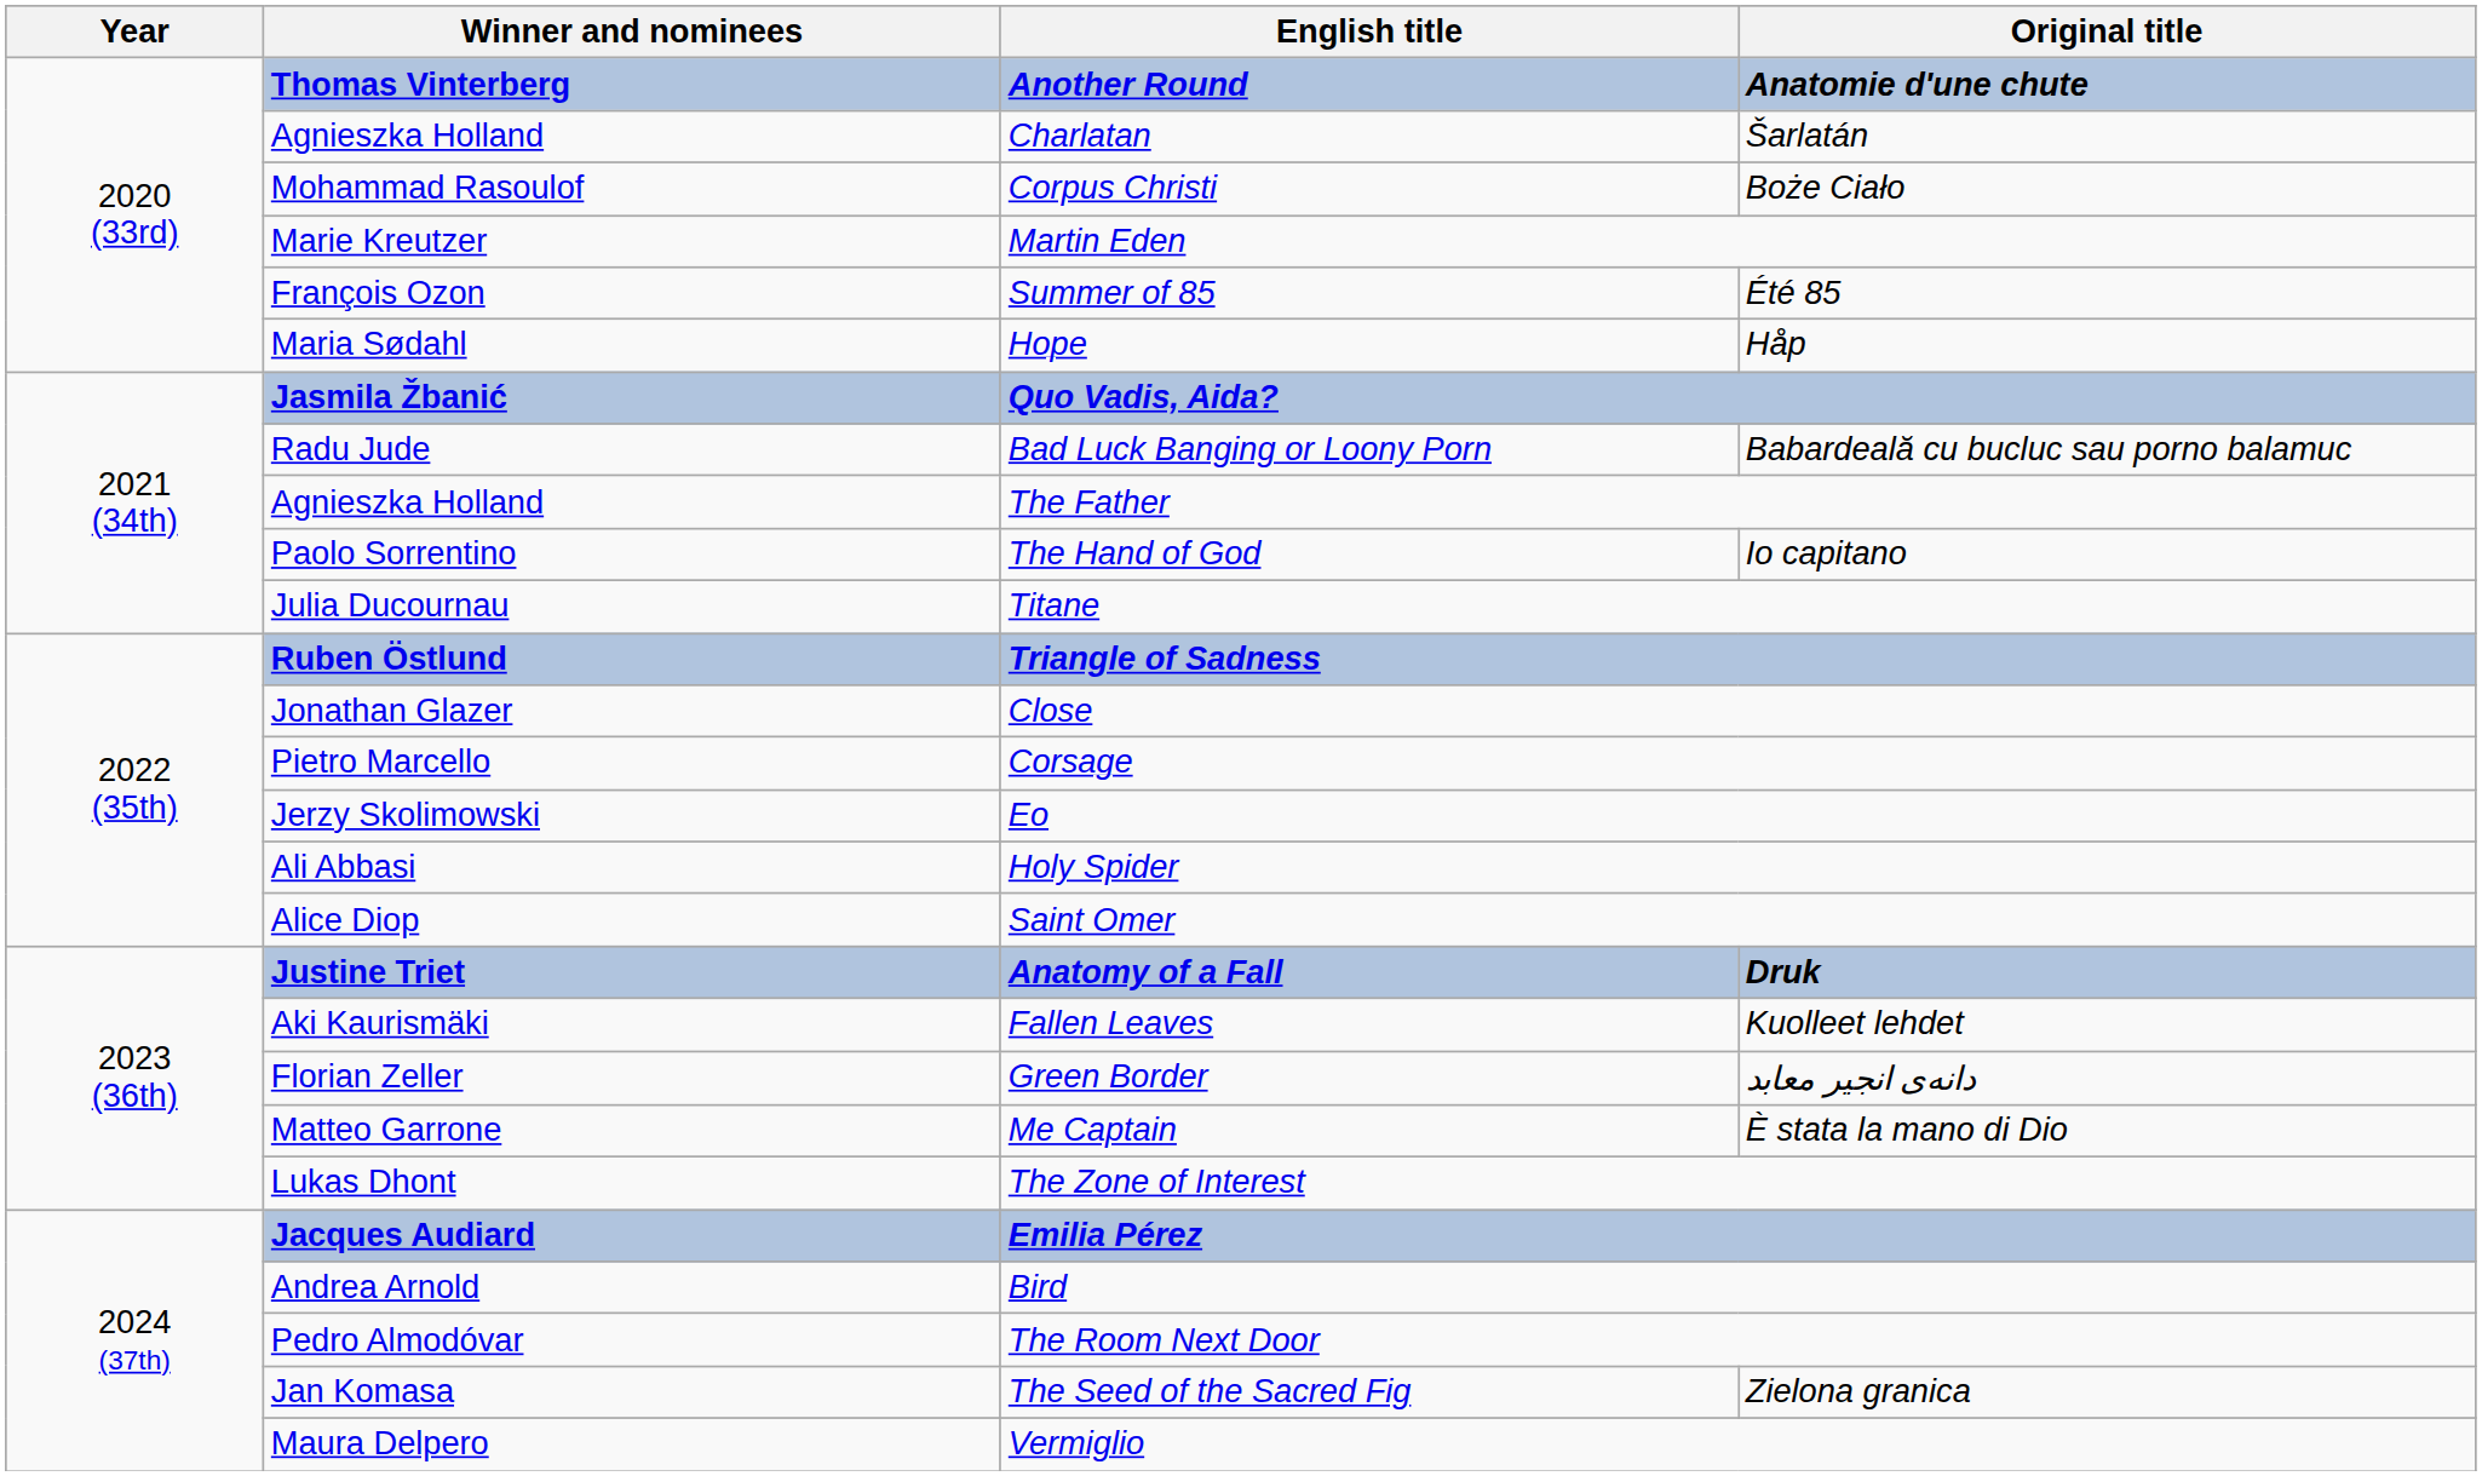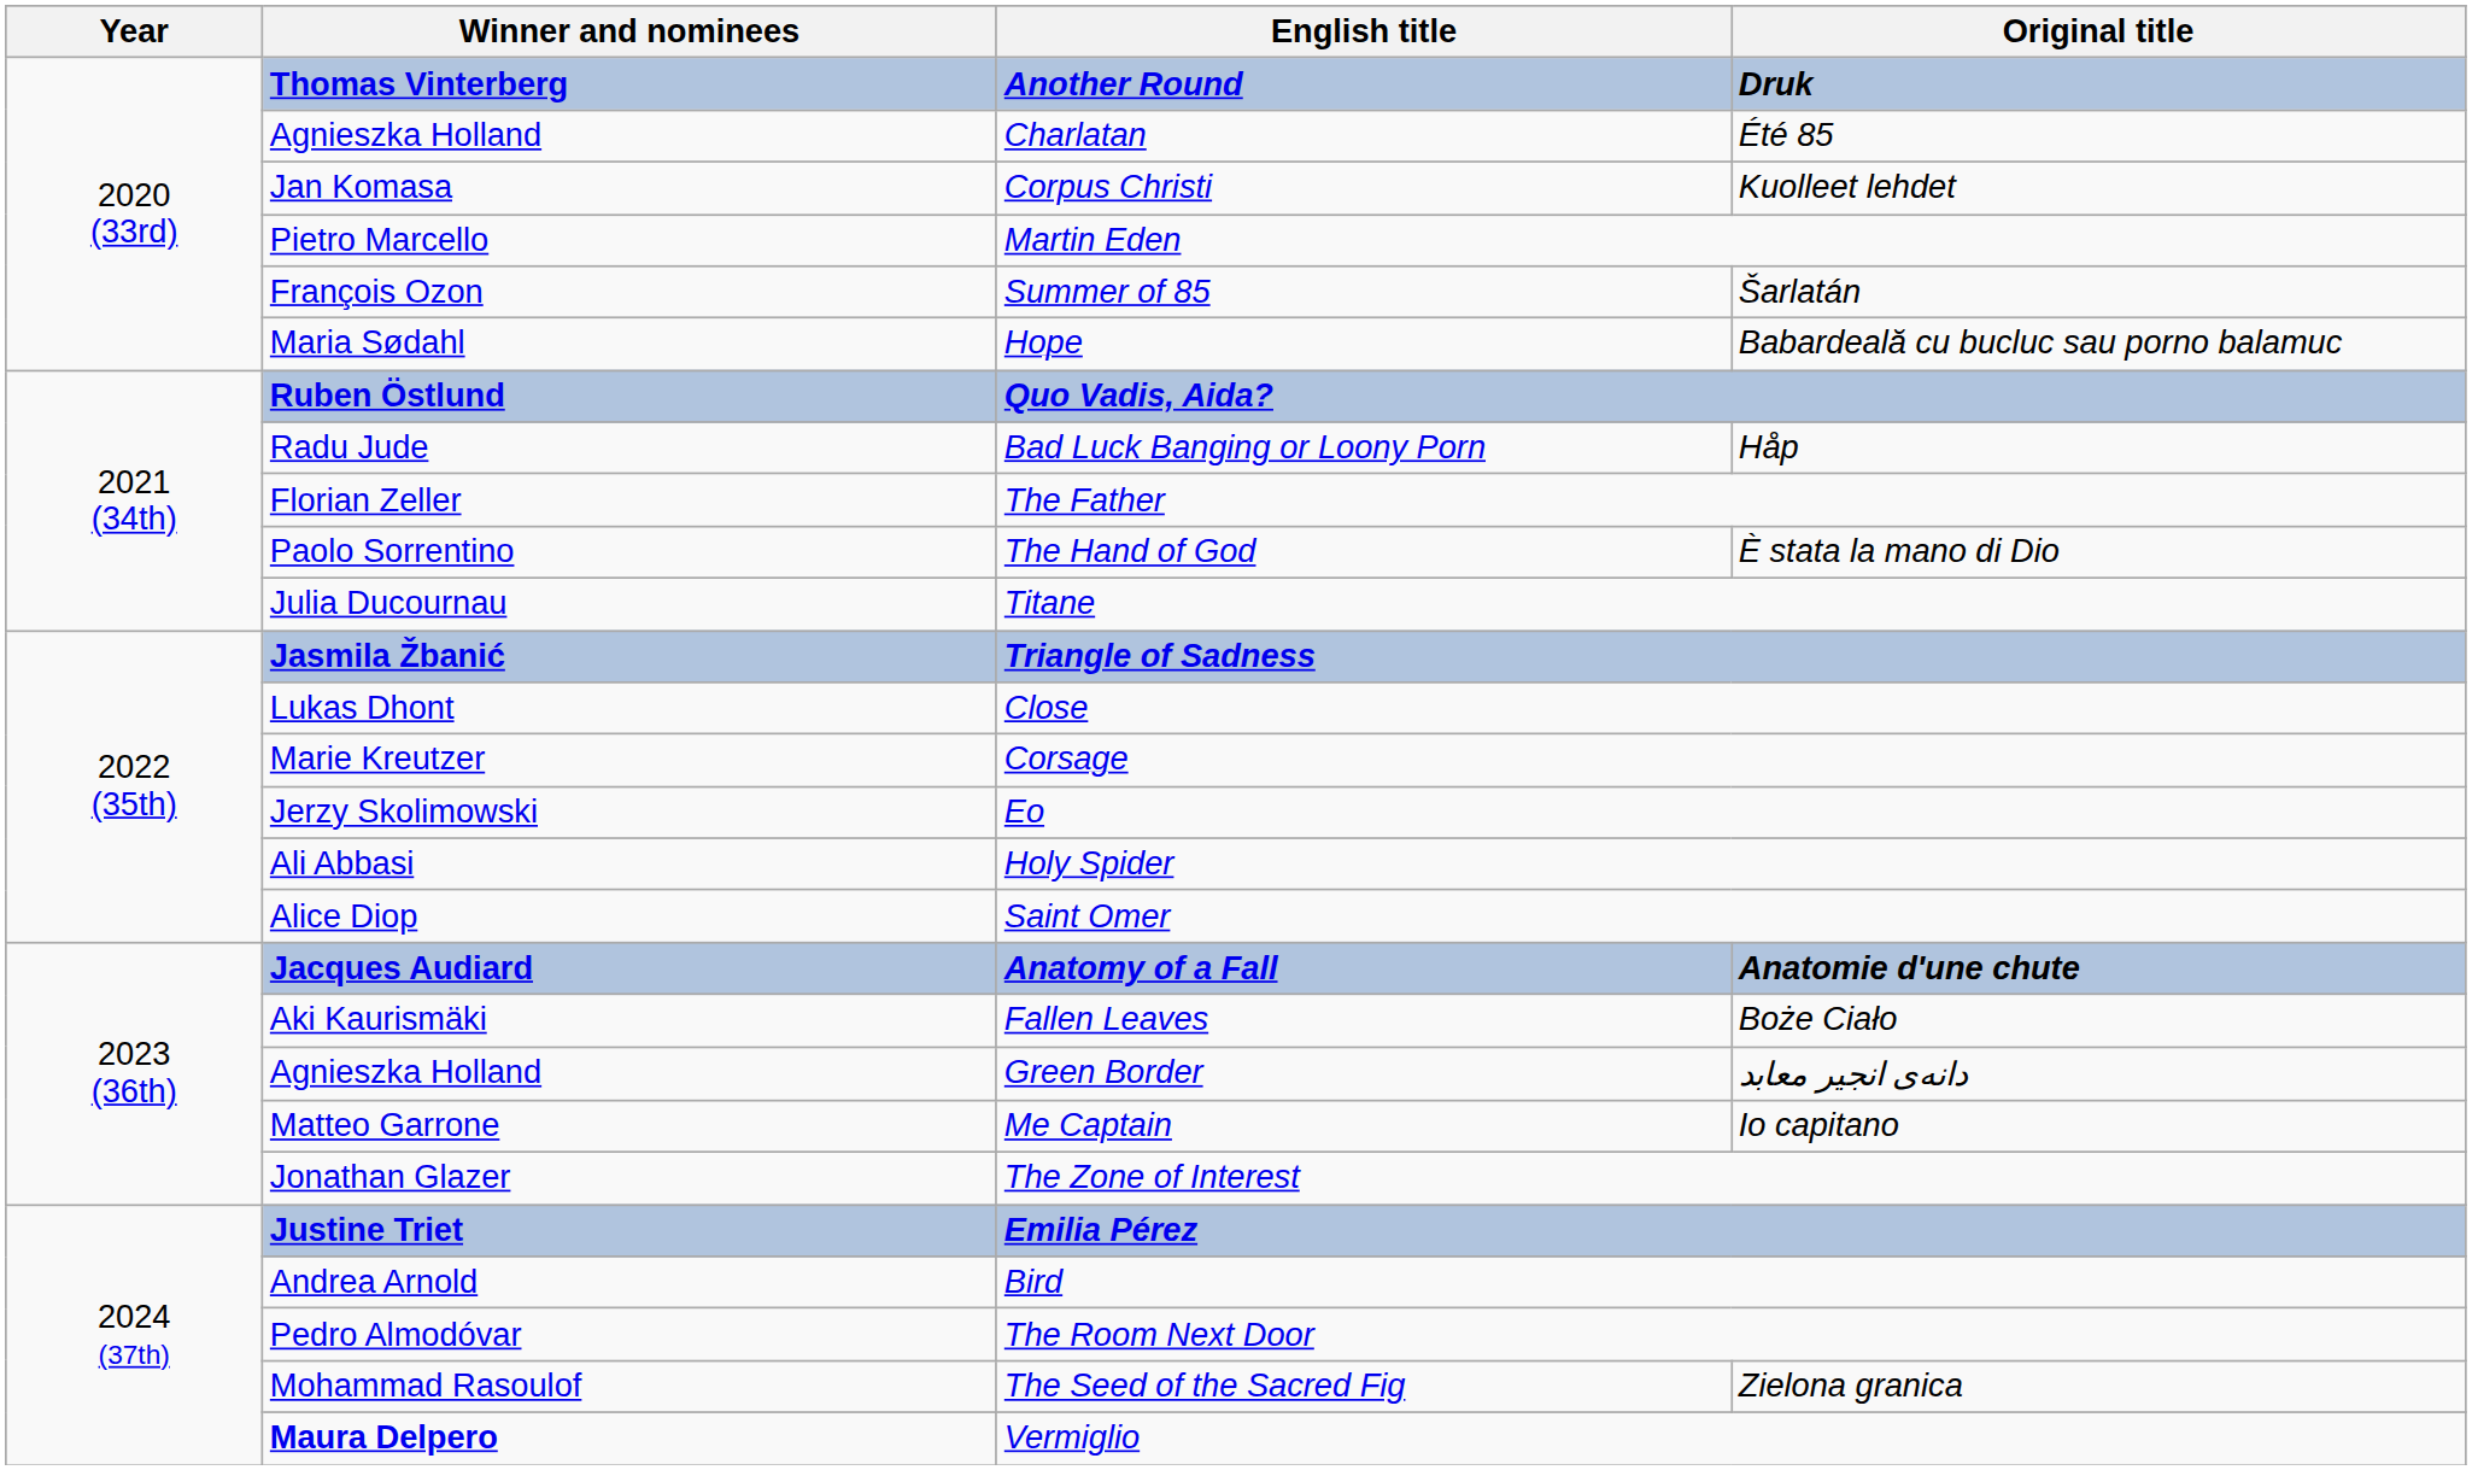 <table class="wikitable" width="95%" cellpadding="5">
 <tr>
 <th width="100"><strong>Year</strong></th>
 <th width="300"><strong>Winner and nominees</strong></th>
 <th width="300"><strong>English title</strong></th>
 <th width="300"><strong>Original title</strong></th>
 </tr>
 <tr>
 <td rowspan="6" style="text-align:center;">2020<br><a href='#'>(33rd)</a><br></td>
 <td style="background:#B0C4DE;"><strong> <a href='#'>Thomas Vinterberg</a></strong></td>
 <td style="background:#B0C4DE;"><strong><em><a href='#'>Another Round</a></em></strong></td>
-<td style="background:#B0C4DE;"><strong><em>Anatomie d'une chute</em></strong></td>
+<td style="background:#B0C4DE;"><strong><em>Druk</em></strong></td>
 </tr>
 <tr>
 <td><a href='#'>Agnieszka Holland</a></td>
 <td><em><a href='#'>Charlatan</a></em></td>
-<td><em>Šarlatán</em></td>
+<td><em>Été 85</em></td>
 </tr>
 <tr>
-<td><a href='#'>Mohammad Rasoulof</a></td>
+<td><a href='#'>Jan Komasa</a></td>
 <td><em><a href='#'>Corpus Christi</a></em></td>
-<td><em>Boże Ciało</em></td>
+<td><em>Kuolleet lehdet</em></td>
 </tr>
 <tr>
-<td><a href='#'>Marie Kreutzer</a></td>
+<td><a href='#'>Pietro Marcello</a></td>
 <td colspan="2"><em><a href='#'>Martin Eden</a></em></td>
 </tr>
 <tr>
 <td><a href='#'>François Ozon</a></td>
 <td><em><a href='#'>Summer of 85</a></em></td>
-<td><em>Été 85</em></td>
+<td><em>Šarlatán</em></td>
 </tr>
 <tr>
 <td><a href='#'>Maria Sødahl</a></td>
 <td><em><a href='#'>Hope</a></em></td>
-<td><em>Håp</em></td>
+<td><em>Babardeală cu bucluc sau porno balamuc</em></td>
 </tr>
 <tr>
 <td rowspan="5" style="text-align:center;">2021<br><a href='#'>(34th)</a><br></td>
-<td style="background:#B0C4DE;"><strong><a href='#'>Jasmila Žbanić</a></strong></td>
+<td style="background:#B0C4DE;"><strong><a href='#'>Ruben Östlund</a></strong></td>
 <td colspan="2" style="background:#B0C4DE;"><strong><em><a href='#'>Quo Vadis, Aida?</a></em></strong></td>
 </tr>
 <tr>
 <td><a href='#'>Radu Jude</a></td>
 <td><em><a href='#'>Bad Luck Banging or Loony Porn</a></em></td>
-<td><em>Babardeală cu bucluc sau porno balamuc</em></td>
+<td><em>Håp</em></td>
 </tr>
 <tr>
-<td><a href='#'>Agnieszka Holland</a></td>
+<td><a href='#'>Florian Zeller</a></td>
 <td colspan="2"><em><a href='#'>The Father</a></em></td>
 </tr>
 <tr>
 <td><a href='#'>Paolo Sorrentino</a></td>
 <td><em><a href='#'>The Hand of God</a></em></td>
-<td><em>Io capitano</em></td>
+<td><em>È stata la mano di Dio</em></td>
 </tr>
 <tr>
 <td><a href='#'>Julia Ducournau</a></td>
 <td colspan="2"><em><a href='#'>Titane</a></em></td>
 </tr>
 <tr>
 <td rowspan="6" style="text-align:center;">2022<br><a href='#'>(35th)</a><br></td>
-<td style="background:#B0C4DE;"><strong><a href='#'>Ruben Östlund</a></strong></td>
+<td style="background:#B0C4DE;"><strong><a href='#'>Jasmila Žbanić</a></strong></td>
 <td colspan="2" style="background:#B0C4DE;"><strong><em><a href='#'>Triangle of Sadness</a></em></strong></td>
 </tr>
 <tr>
-<td><a href='#'>Jonathan Glazer</a></td>
+<td><a href='#'>Lukas Dhont</a></td>
 <td colspan="2"><em><a href='#'>Close</a></em></td>
 </tr>
 <tr>
-<td><a href='#'>Pietro Marcello</a></td>
+<td><a href='#'>Marie Kreutzer</a></td>
 <td colspan="2"><em><a href='#'>Corsage</a></em></td>
 </tr>
 <tr>
 <td><a href='#'>Jerzy Skolimowski</a></td>
 <td colspan="2"><em><a href='#'>Eo</a></em></td>
 </tr>
 <tr>
 <td><a href='#'>Ali Abbasi</a></td>
 <td colspan="2"><em><a href='#'>Holy Spider</a></em></td>
 </tr>
 <tr>
 <td><a href='#'>Alice Diop</a></td>
 <td colspan="2"><em><a href='#'>Saint Omer</a></em></td>
 </tr>
 <tr>
 <td rowspan="5" style="text-align:center;">2023<br><a href='#'>(36th)</a></td>
-<td style="background:#B0C4DE;"><strong> <a href='#'>Justine Triet</a></strong></td>
+<td style="background:#B0C4DE;"><strong> <a href='#'>Jacques Audiard</a></strong></td>
 <td style="background:#B0C4DE;"><strong><em><a href='#'>Anatomy of a Fall</a></em></strong></td>
-<td style="background:#B0C4DE;"><strong><em>Druk</em></strong></td>
+<td style="background:#B0C4DE;"><strong><em>Anatomie d'une chute</em></strong></td>
 </tr>
 <tr>
 <td><a href='#'>Aki Kaurismäki</a></td>
 <td><em><a href='#'>Fallen Leaves</a></em></td>
-<td><em>Kuolleet lehdet</em></td>
+<td><em>Boże Ciało</em></td>
 </tr>
 <tr>
-<td><a href='#'>Florian Zeller</a></td>
+<td><a href='#'>Agnieszka Holland</a></td>
 <td><em><a href='#'>Green Border</a></em></td>
 <td><em>دانه‌ی انجیر معابد</em></td>
 </tr>
 <tr>
 <td><a href='#'>Matteo Garrone</a></td>
 <td><em><a href='#'>Me Captain</a></em></td>
-<td><em>È stata la mano di Dio</em></td>
+<td><em>Io capitano</em></td>
 </tr>
 <tr>
-<td><a href='#'>Lukas Dhont</a></td>
+<td><a href='#'>Jonathan Glazer</a></td>
 <td colspan="2"><em><a href='#'>The Zone of Interest</a></em></td>
 </tr>
 <tr>
 <td rowspan="5" style="text-align:center;">2024<br><small><a href='#'>(37th)</a></small><br></td>
-<td style="background:#B0C4DE;"><strong> <a href='#'>Jacques Audiard</a></strong></td>
+<td style="background:#B0C4DE;"><strong> <a href='#'>Justine Triet</a></strong></td>
 <td colspan="2" style="background:#B0C4DE;"><strong><em><a href='#'>Emilia Pérez</a></em></strong></td>
 </tr>
 <tr>
 <td><a href='#'>Andrea Arnold</a></td>
 <td colspan="2"><em><a href='#'>Bird</a></em></td>
 </tr>
 <tr>
 <td><a href='#'>Pedro Almodóvar</a></td>
 <td colspan="2"><em><a href='#'>The Room Next Door</a></em></td>
 </tr>
 <tr>
-<td><a href='#'>Jan Komasa</a></td>
+<td><a href='#'>Mohammad Rasoulof</a></td>
 <td><em><a href='#'>The Seed of the Sacred Fig</a></em></td>
 <td><em>Zielona granica</em></td>
 </tr>
 <tr>
-<td><a href='#'>Maura Delpero</a></td>
+<td><strong><a href='#'>Maura Delpero</a></strong></td>
 <td colspan="2"><em><a href='#'>Vermiglio</a></em></td>
 </tr>
 </table>
